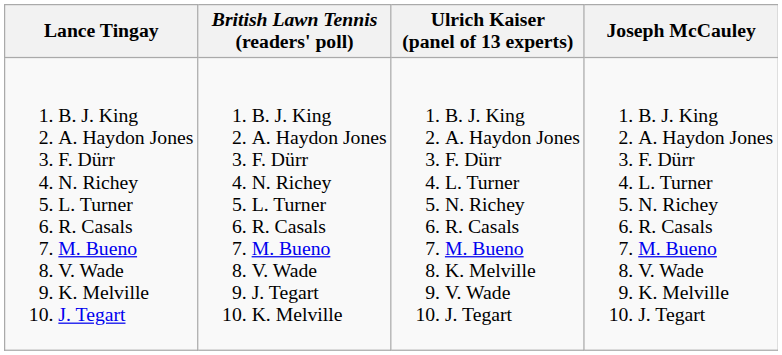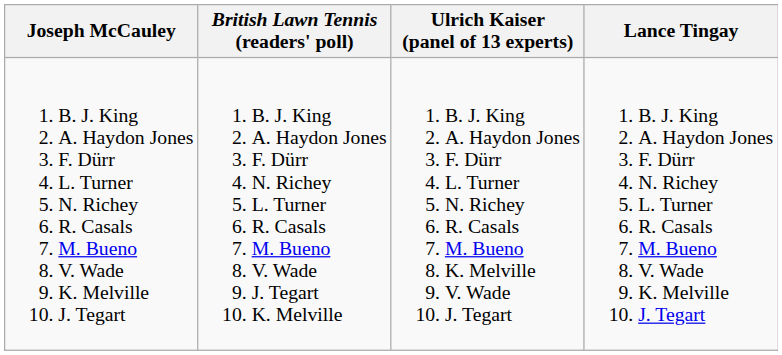 <table class="wikitable">
 <tr>
-<th>Lance Tingay<strong></strong></th>
+<th>Joseph McCauley</th>
 <th><em>British Lawn Tennis</em><br>(readers' poll)</th>
 <th>Ulrich Kaiser<em></em><br>(panel of 13 experts)</th>
-<th>Joseph McCauley</th>
+<th>Lance Tingay<strong></strong></th>
 </tr>
 <tr style="vertical-align: top;">
-<td style="white-space: nowrap;"><br><ol><li> B. J. King</li><li> A. Haydon Jones</li><li> F. Dürr</li><li> N. Richey</li><li> L. Turner</li><li> R. Casals</li><li> <a href='#'>M. Bueno</a></li><li> V. Wade</li><li> K. Melville</li><li> <a href='#'>J. Tegart</a></li></ol></td>
+<td style="white-space: nowrap;"><br><ol><li> B. J. King</li><li> A. Haydon Jones</li><li> F. Dürr</li><li> L. Turner</li><li> N. Richey</li><li> R. Casals</li><li> <a href='#'>M. Bueno</a></li><li> V. Wade</li><li> K. Melville</li><li> J. Tegart</li></ol></td>
 <td style="white-space: nowrap;"><br><ol><li> B. J. King</li><li> A. Haydon Jones</li><li> F. Dürr</li><li> N. Richey</li><li> L. Turner</li><li> R. Casals</li><li> <a href='#'>M. Bueno</a></li><li> V. Wade</li><li> J. Tegart</li><li> K. Melville</li></ol></td>
 <td style="white-space: nowrap;"><br><ol><li> B. J. King</li><li> A. Haydon Jones</li><li> F. Dürr</li><li> L. Turner</li><li> N. Richey</li><li> R. Casals</li><li> <a href='#'>M. Bueno</a></li><li> K. Melville</li><li> V. Wade</li><li> J. Tegart</li></ol></td>
-<td style="white-space: nowrap;"><br><ol><li> B. J. King</li><li> A. Haydon Jones</li><li> F. Dürr</li><li> L. Turner</li><li> N. Richey</li><li> R. Casals</li><li> <a href='#'>M. Bueno</a></li><li> V. Wade</li><li> K. Melville</li><li> J. Tegart</li></ol></td>
+<td style="white-space: nowrap;"><br><ol><li> B. J. King</li><li> A. Haydon Jones</li><li> F. Dürr</li><li> N. Richey</li><li> L. Turner</li><li> R. Casals</li><li> <a href='#'>M. Bueno</a></li><li> V. Wade</li><li> K. Melville</li><li> <a href='#'>J. Tegart</a></li></ol></td>
 </tr>
 </table>
